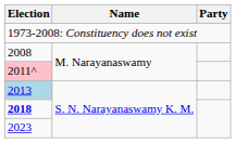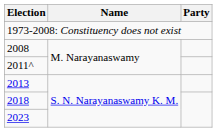 <table class="wikitable sortable">
 <tr>
 <th>Election</th>
 <th>Name</th>
 <th colspan=2>Party</th>
 </tr>
 <tr>
 <td colspan=4>1973-2008: <em>Constituency does not exist</em></td>
 </tr>
 <tr>
 <td>2008</td>
 <td rowspan=2>M. Narayanaswamy</td>
 <td></td>
 </tr>
 <tr>
-<td style="background: pink;">2011^</td>
+<td>2011^</td>
 <td></td>
 </tr>
 <tr>
-<td style="background: lightblue;"><a href='#'>2013</a></td>
+<td><a href='#'>2013</a></td>
 <td rowspan=3><a href='#'>S. N. Narayanaswamy K. M.</a></td>
 <td></td>
 </tr>
 <tr>
-<td><strong><a href='#'>2018</a></strong></td>
+<td><a href='#'>2018</a></td>
 </tr>
 <tr>
 <td><a href='#'>2023</a></td>
 </tr>
 </table>
